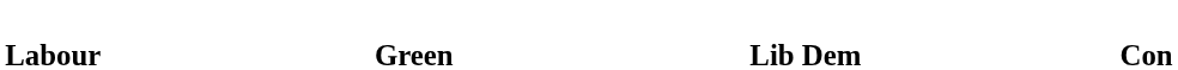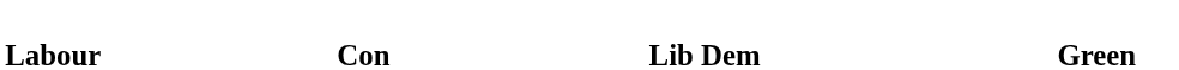 <table style="width:60%; text-align:center;">
 <tr style="color:white;">
 <td style="background:"><strong>15</strong></td>
+<td style="background:"><strong>5</strong></td>
+<td style="background:"><strong>6</strong></td>
 <td style="background:"><strong>13</strong></td>
-<td style="background:"><strong>6</strong></td>
-<td style="background:"><strong>5</strong></td>
 </tr>
 <tr>
 <td><span><strong>Labour</strong></span></td>
+<td><span><strong>Con</strong></span></td>
+<td><span><strong>Lib Dem</strong></span></td>
 <td><span><strong>Green</strong></span></td>
-<td><span><strong>Lib Dem</strong></span></td>
-<td><span><strong>Con</strong></span></td>
 </tr>
 </table>
